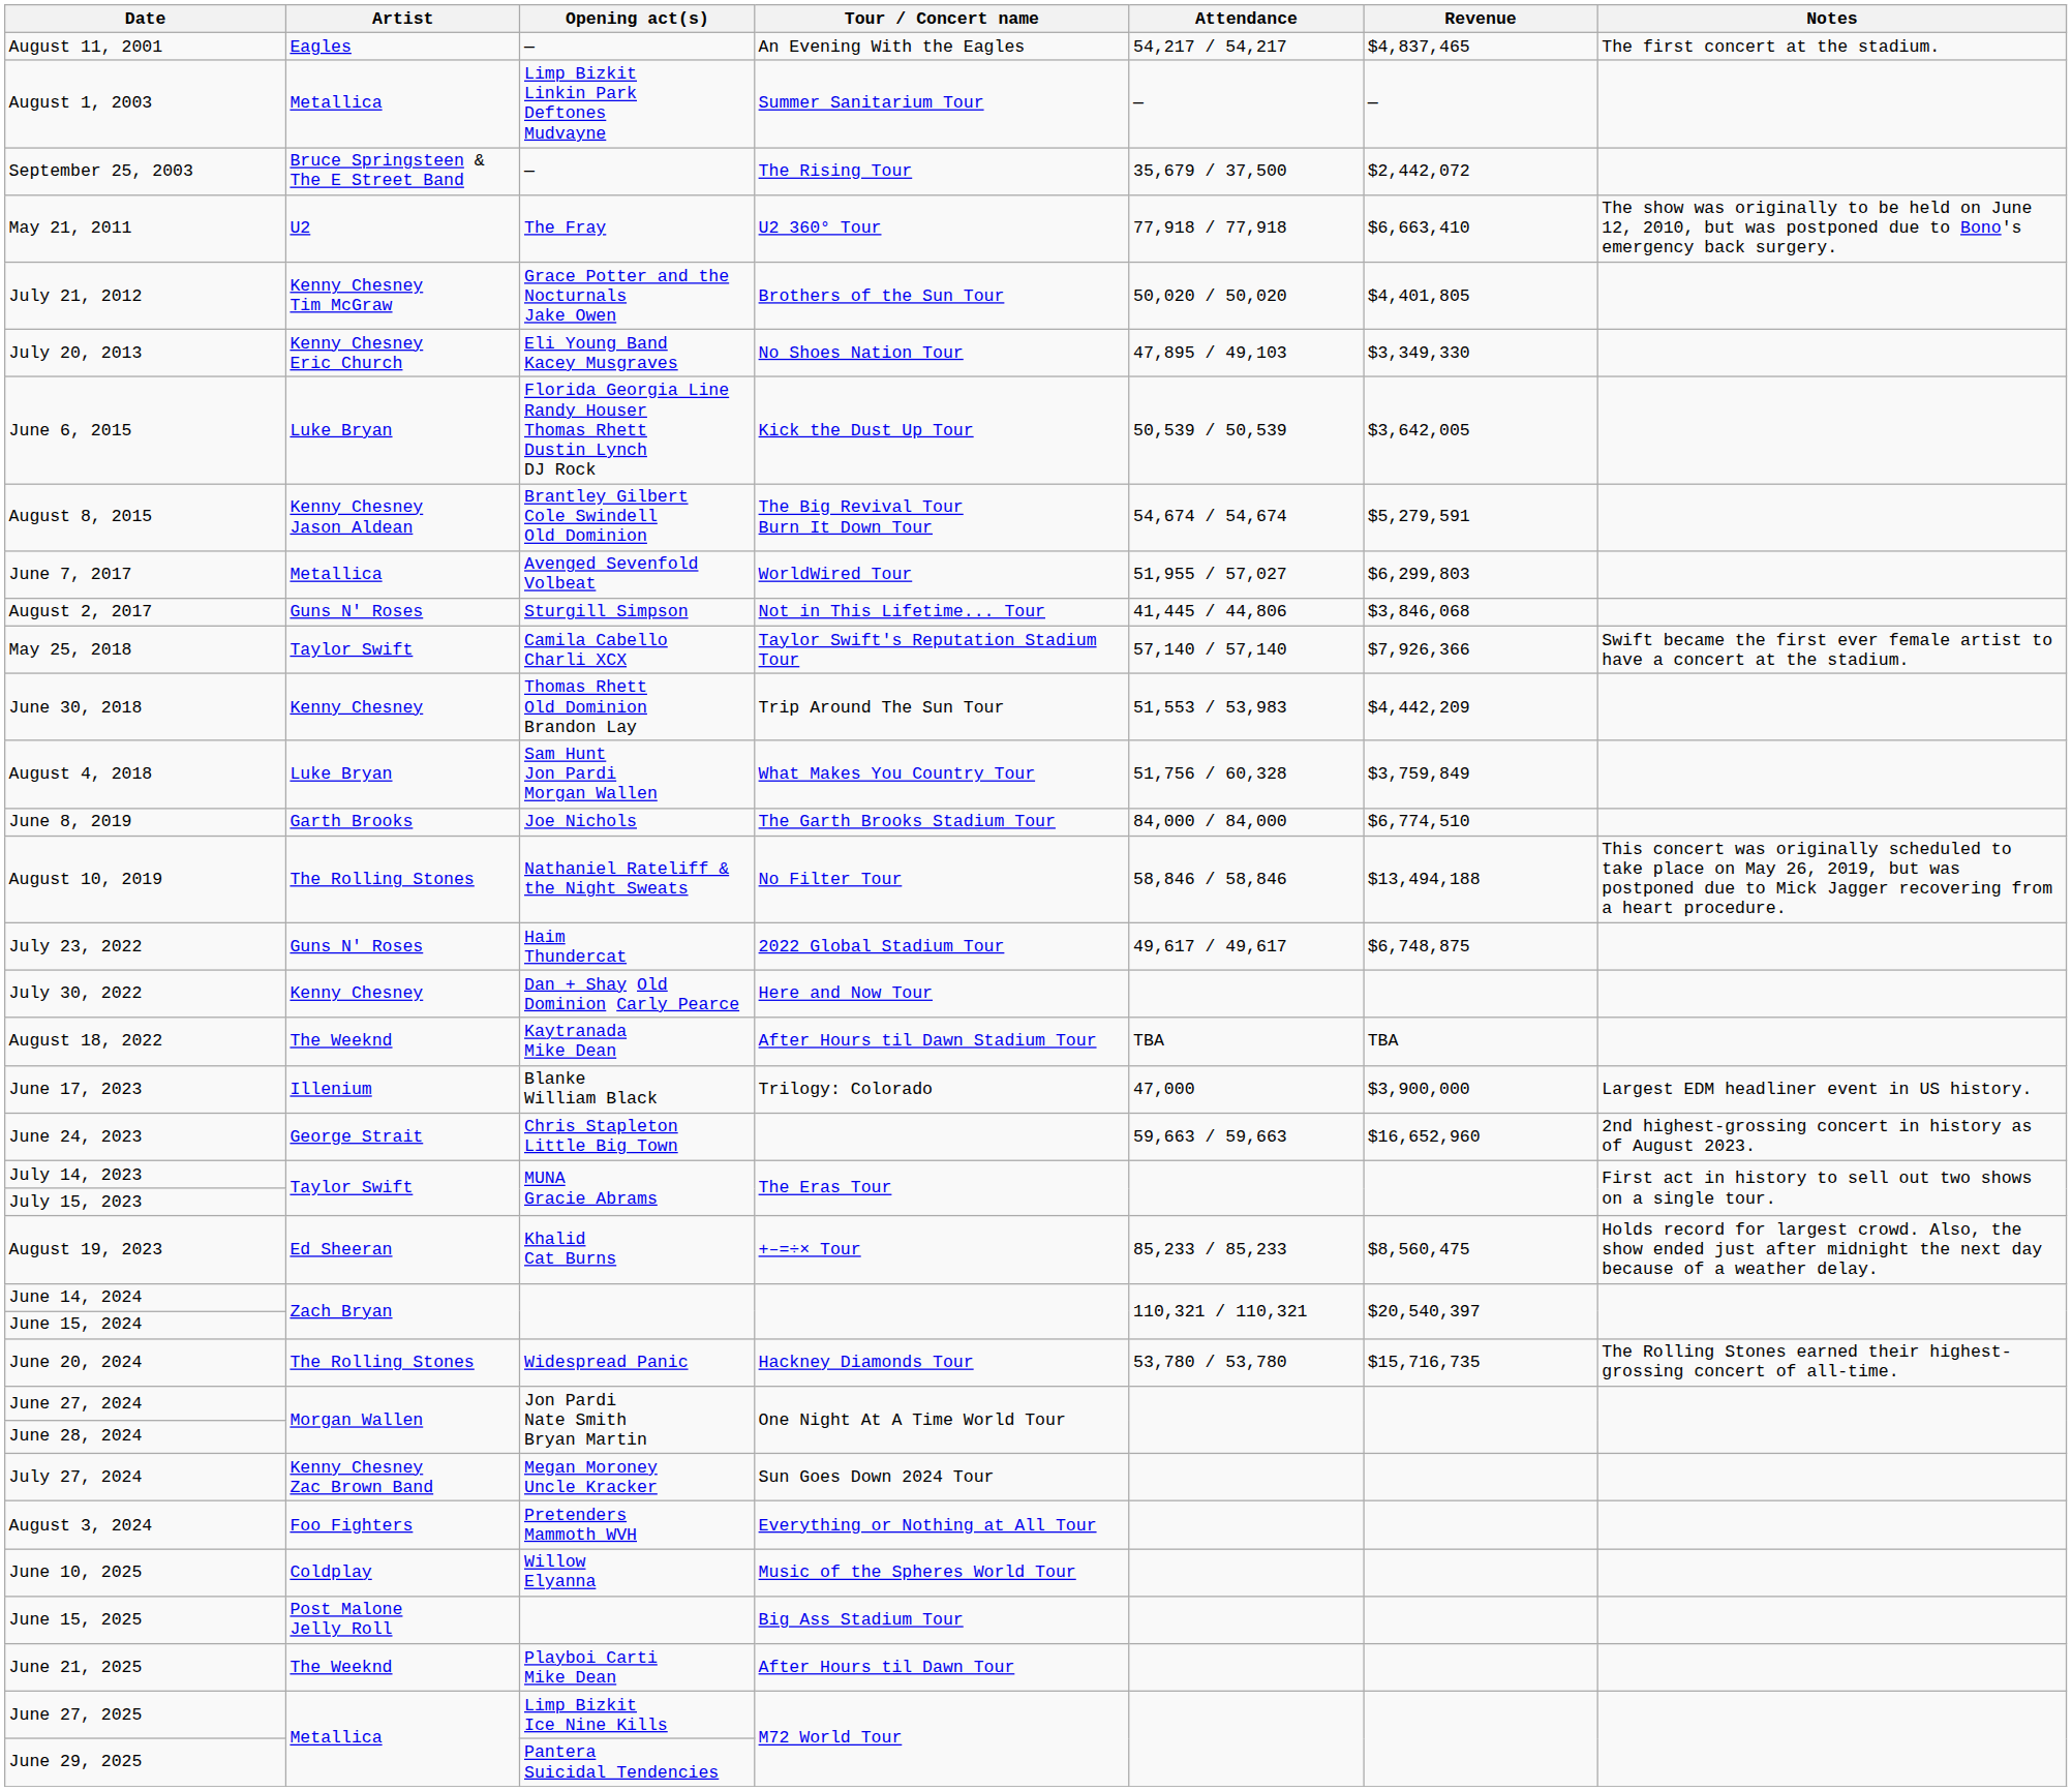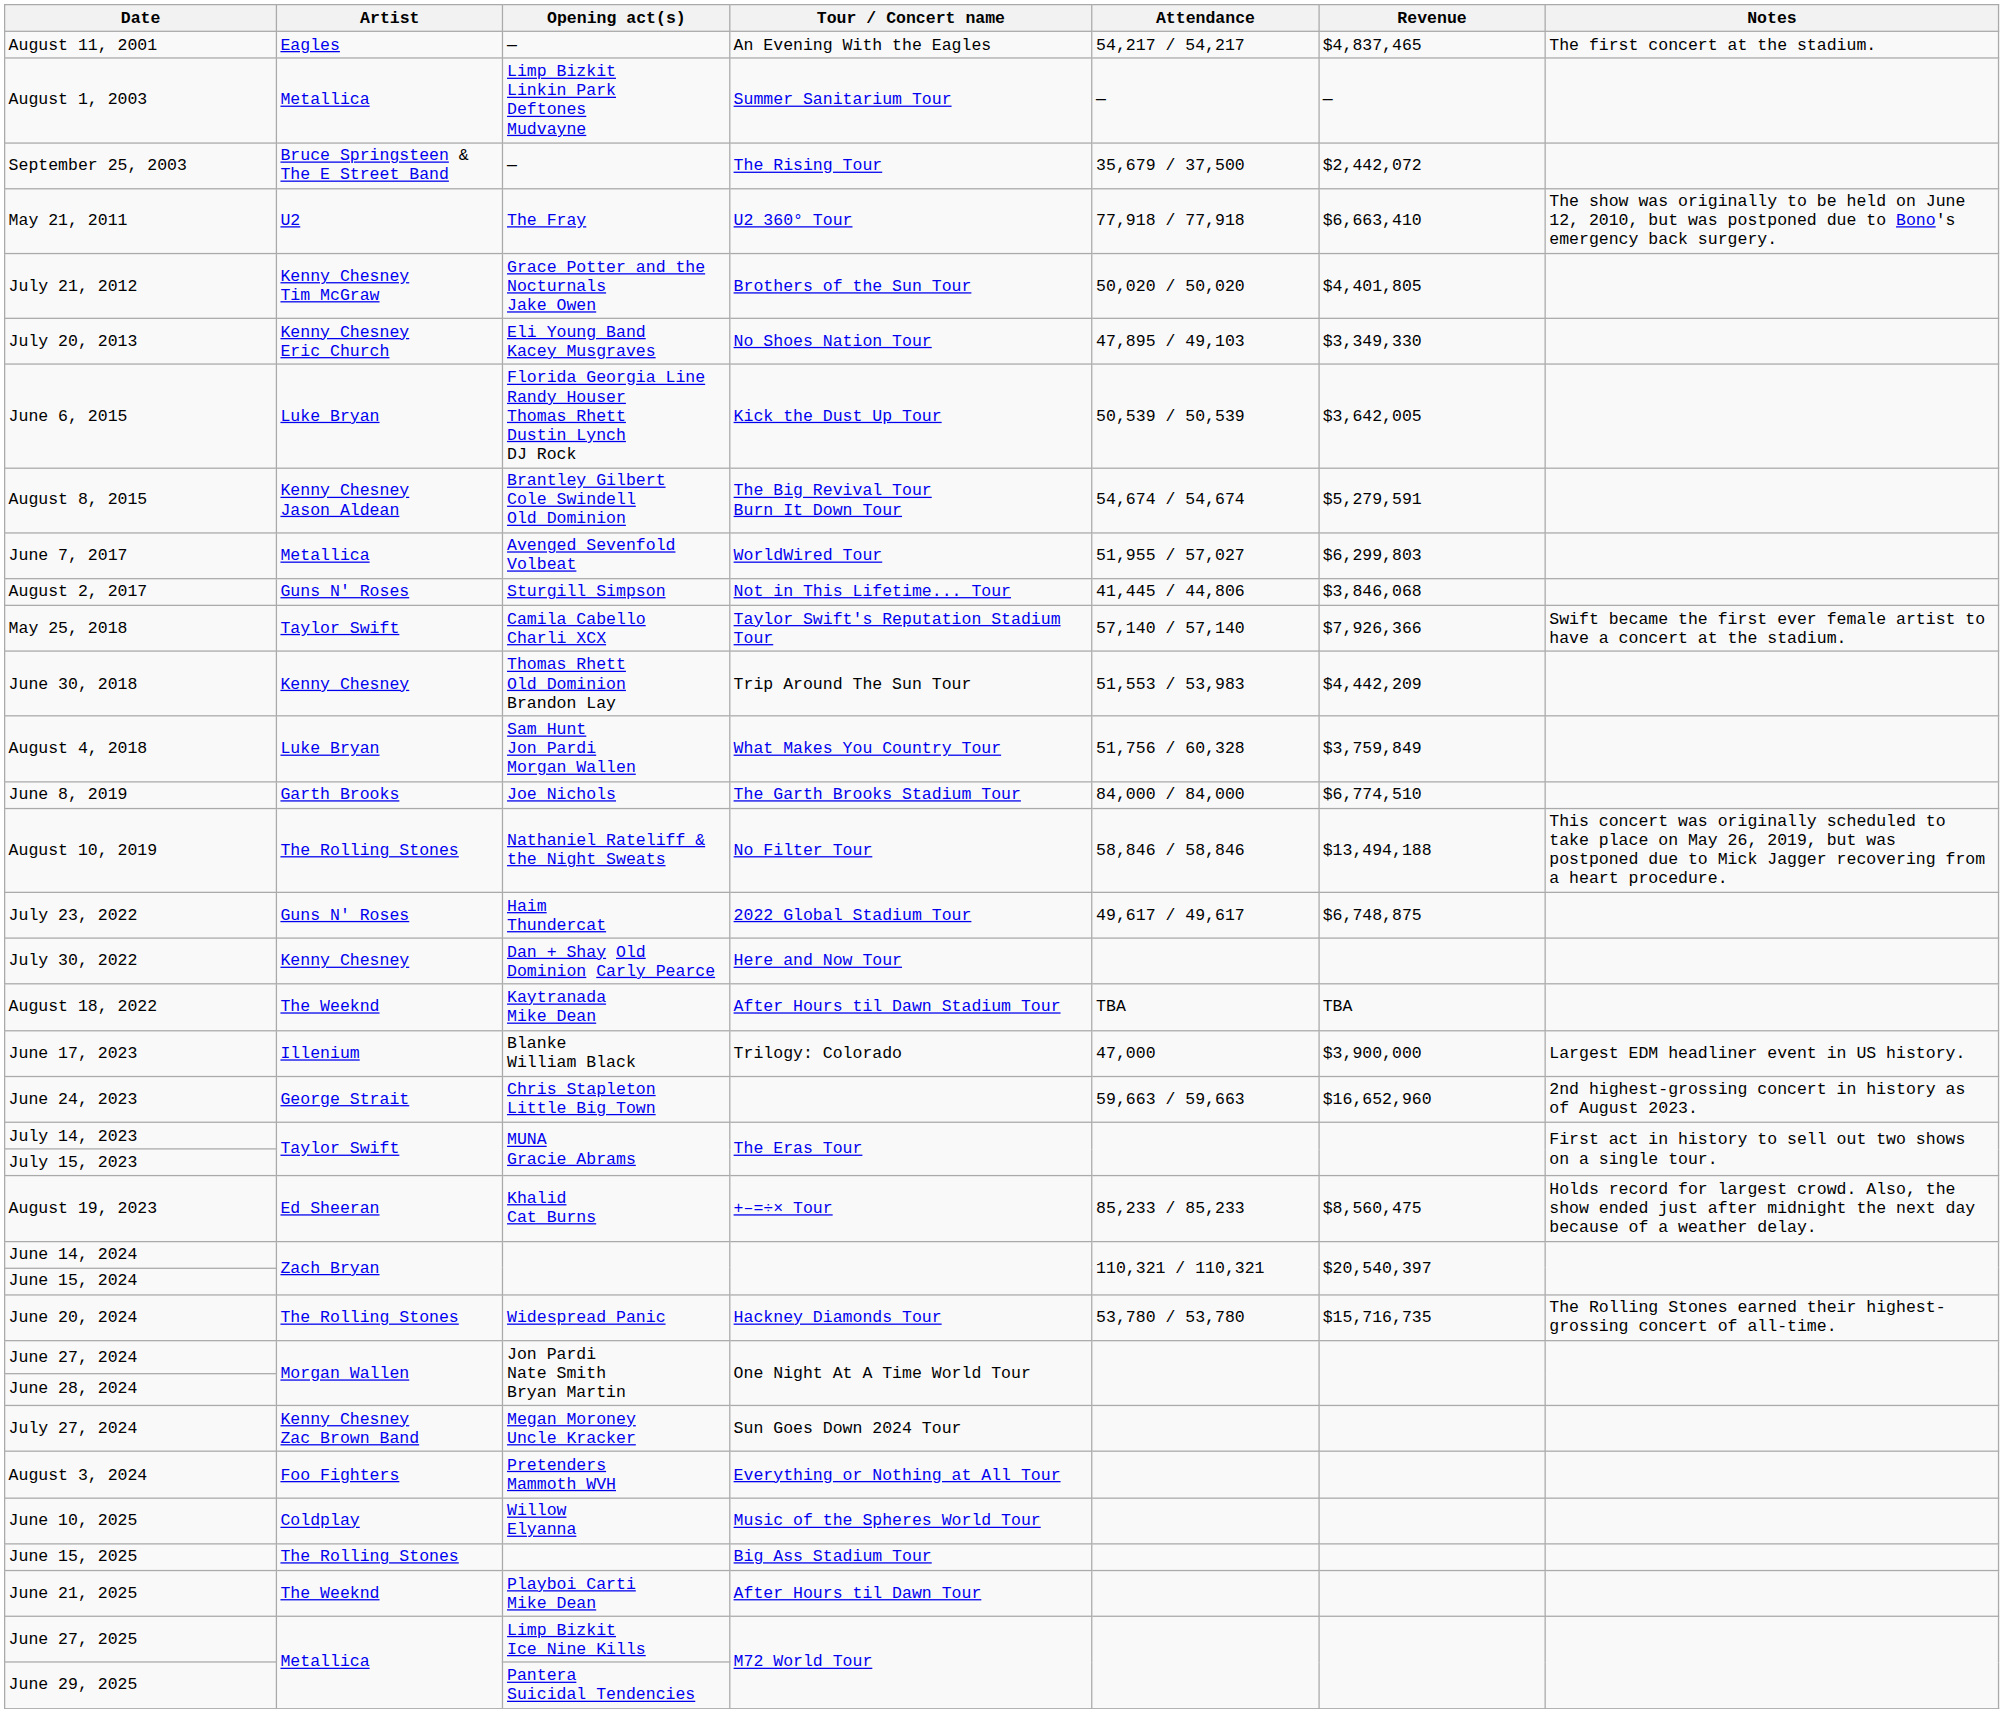 <table class="wikitable" style=font-size:100% style="text-align:center">
 <tr>
 <th width=12% style="text-align:center;">Date</th>
 <th width=10% style="text-align:center;">Artist</th>
 <th width=10% style="text-align:center;">Opening act(s)</th>
 <th width=16% style="text-align:center;">Tour / Concert name</th>
 <th width=10% style="text-align:center;">Attendance</th>
 <th width=10% style="text-align:center;">Revenue</th>
 <th width=20% style="text-align:center;">Notes</th>
 </tr>
 <tr>
 <td>August 11, 2001</td>
 <td><a href='#'>Eagles</a></td>
 <td>—</td>
 <td>An Evening With the Eagles</td>
 <td>54,217 / 54,217</td>
 <td>$4,837,465</td>
 <td>The first concert at the stadium.</td>
 </tr>
 <tr>
 <td>August 1, 2003</td>
 <td><a href='#'>Metallica</a></td>
 <td><a href='#'>Limp Bizkit</a><br><a href='#'>Linkin Park</a><br><a href='#'>Deftones</a><br><a href='#'>Mudvayne</a></td>
 <td><a href='#'>Summer Sanitarium Tour</a></td>
 <td>—</td>
 <td>—</td>
 <td></td>
 </tr>
 <tr>
 <td>September 25, 2003</td>
 <td><a href='#'>Bruce Springsteen</a> & <a href='#'>The E Street Band</a></td>
 <td>—</td>
 <td><a href='#'>The Rising Tour</a></td>
 <td>35,679 / 37,500</td>
 <td>$2,442,072</td>
 <td></td>
 </tr>
 <tr>
 <td>May 21, 2011</td>
 <td><a href='#'>U2</a></td>
 <td><a href='#'>The Fray</a></td>
 <td><a href='#'>U2 360° Tour</a></td>
 <td>77,918 / 77,918</td>
 <td>$6,663,410</td>
 <td>The show was originally to be held on June 12, 2010, but was postponed due to <a href='#'>Bono</a>'s emergency back surgery.</td>
 </tr>
 <tr>
 <td>July 21, 2012</td>
 <td><a href='#'>Kenny Chesney</a><br><a href='#'>Tim McGraw</a></td>
 <td><a href='#'>Grace Potter and the Nocturnals</a><br><a href='#'>Jake Owen</a></td>
 <td><a href='#'>Brothers of the Sun Tour</a></td>
 <td>50,020 / 50,020</td>
 <td>$4,401,805</td>
 <td></td>
 </tr>
 <tr>
 <td>July 20, 2013</td>
 <td><a href='#'>Kenny Chesney</a><br><a href='#'>Eric Church</a></td>
 <td><a href='#'>Eli Young Band</a><br><a href='#'>Kacey Musgraves</a></td>
 <td><a href='#'>No Shoes Nation Tour</a></td>
 <td>47,895 / 49,103</td>
 <td>$3,349,330</td>
 <td></td>
 </tr>
 <tr>
 <td>June 6, 2015</td>
 <td><a href='#'>Luke Bryan</a></td>
 <td><a href='#'>Florida Georgia Line</a><br><a href='#'>Randy Houser</a><br><a href='#'>Thomas Rhett</a><br><a href='#'>Dustin Lynch</a><br>DJ Rock</td>
 <td><a href='#'>Kick the Dust Up Tour</a></td>
 <td>50,539 / 50,539</td>
 <td>$3,642,005</td>
 <td></td>
 </tr>
 <tr>
 <td>August 8, 2015</td>
 <td><a href='#'>Kenny Chesney</a><br><a href='#'>Jason Aldean</a></td>
 <td><a href='#'>Brantley Gilbert</a><br><a href='#'>Cole Swindell</a><br><a href='#'>Old Dominion</a></td>
 <td><a href='#'>The Big Revival Tour</a><br><a href='#'>Burn It Down Tour</a></td>
 <td>54,674 / 54,674</td>
 <td>$5,279,591</td>
 <td></td>
 </tr>
 <tr>
 <td>June 7, 2017</td>
 <td><a href='#'>Metallica</a></td>
 <td><a href='#'>Avenged Sevenfold</a><br><a href='#'>Volbeat</a></td>
 <td><a href='#'>WorldWired Tour</a></td>
 <td>51,955 / 57,027</td>
 <td>$6,299,803</td>
 <td></td>
 </tr>
 <tr>
 <td>August 2, 2017</td>
 <td><a href='#'>Guns N' Roses</a></td>
 <td><a href='#'>Sturgill Simpson</a></td>
 <td><a href='#'>Not in This Lifetime... Tour</a></td>
 <td>41,445 / 44,806</td>
 <td>$3,846,068</td>
 <td></td>
 </tr>
 <tr>
 <td>May 25, 2018</td>
 <td><a href='#'>Taylor Swift</a></td>
 <td><a href='#'>Camila Cabello</a><br><a href='#'>Charli XCX</a></td>
 <td><a href='#'>Taylor Swift's Reputation Stadium Tour</a></td>
 <td>57,140 / 57,140</td>
 <td>$7,926,366</td>
 <td>Swift became the first ever female artist to have a concert at the stadium.</td>
 </tr>
 <tr>
 <td>June 30, 2018</td>
 <td><a href='#'>Kenny Chesney</a></td>
 <td><a href='#'>Thomas Rhett</a><br><a href='#'>Old Dominion</a><br>Brandon Lay</td>
 <td>Trip Around The Sun Tour</td>
 <td>51,553 / 53,983</td>
 <td>$4,442,209</td>
 <td></td>
 </tr>
 <tr>
 <td>August 4, 2018</td>
 <td><a href='#'>Luke Bryan</a></td>
 <td><a href='#'>Sam Hunt</a><br><a href='#'>Jon Pardi</a><br><a href='#'>Morgan Wallen</a></td>
 <td><a href='#'>What Makes You Country Tour</a></td>
 <td>51,756 / 60,328</td>
 <td>$3,759,849</td>
 <td></td>
 </tr>
 <tr>
 <td>June 8, 2019</td>
 <td><a href='#'>Garth Brooks</a></td>
 <td><a href='#'>Joe Nichols</a></td>
 <td><a href='#'>The Garth Brooks Stadium Tour</a></td>
 <td>84,000 / 84,000</td>
 <td>$6,774,510</td>
 <td></td>
 </tr>
 <tr>
 <td>August 10, 2019</td>
 <td><a href='#'>The Rolling Stones</a></td>
 <td><a href='#'>Nathaniel Rateliff & the Night Sweats</a></td>
 <td><a href='#'>No Filter Tour</a></td>
 <td>58,846 / 58,846</td>
 <td>$13,494,188</td>
 <td>This concert was originally scheduled to take place on May 26, 2019, but was postponed due to Mick Jagger recovering from a heart procedure.</td>
 </tr>
 <tr>
 <td>July 23, 2022</td>
 <td><a href='#'>Guns N' Roses</a></td>
 <td><a href='#'>Haim</a><br><a href='#'>Thundercat</a></td>
 <td><a href='#'>2022 Global Stadium Tour</a></td>
 <td>49,617 / 49,617</td>
 <td>$6,748,875</td>
 <td></td>
 </tr>
 <tr>
 <td>July 30, 2022</td>
 <td><a href='#'>Kenny Chesney</a></td>
 <td><a href='#'>Dan + Shay</a> <a href='#'>Old Dominion</a> <a href='#'>Carly Pearce</a></td>
 <td><a href='#'>Here and Now Tour</a></td>
 <td></td>
 <td></td>
 <td></td>
 </tr>
 <tr>
 <td>August 18, 2022</td>
 <td><a href='#'>The Weeknd</a></td>
 <td><a href='#'>Kaytranada</a><br><a href='#'>Mike Dean</a></td>
 <td><a href='#'>After Hours til Dawn Stadium Tour</a></td>
 <td>TBA</td>
 <td>TBA</td>
 <td></td>
 </tr>
 <tr>
 <td>June 17, 2023</td>
 <td><a href='#'>Illenium</a></td>
 <td>Blanke<br>William Black</td>
 <td>Trilogy: Colorado</td>
 <td>47,000</td>
 <td>$3,900,000</td>
 <td>Largest EDM headliner event in US history.</td>
 </tr>
 <tr>
 <td>June 24, 2023</td>
 <td><a href='#'>George Strait</a></td>
 <td><a href='#'>Chris Stapleton</a><br><a href='#'>Little Big Town</a></td>
 <td></td>
 <td>59,663 / 59,663</td>
 <td>$16,652,960</td>
 <td>2nd highest-grossing concert in history as of August 2023.</td>
 </tr>
 <tr>
 <td>July 14, 2023</td>
 <td rowspan="2"><a href='#'>Taylor Swift</a></td>
 <td rowspan="2"><a href='#'>MUNA</a><br><a href='#'>Gracie Abrams</a></td>
 <td rowspan="2"><a href='#'>The Eras Tour</a></td>
 <td rowspan="2"></td>
 <td rowspan="2"></td>
 <td rowspan="2">First act in history to sell out two shows on a single tour.</td>
 </tr>
 <tr>
 <td>July 15, 2023</td>
 </tr>
 <tr>
 <td>August 19, 2023</td>
 <td><a href='#'>Ed Sheeran</a></td>
 <td><a href='#'>Khalid</a><br><a href='#'>Cat Burns</a></td>
 <td><a href='#'>+–=÷× Tour</a></td>
 <td>85,233 / 85,233</td>
 <td>$8,560,475</td>
 <td>Holds record for largest crowd. Also, the show ended just after midnight the next day because of a weather delay.</td>
 </tr>
 <tr>
 <td>June 14, 2024</td>
 <td rowspan="2"><a href='#'>Zach Bryan</a></td>
 <td rowspan="2"></td>
 <td rowspan="2"></td>
 <td rowspan="2">110,321 / 110,321</td>
 <td rowspan="2">$20,540,397</td>
 <td rowspan="2"></td>
 </tr>
 <tr>
 <td>June 15, 2024</td>
 </tr>
 <tr>
 <td>June 20, 2024</td>
 <td><a href='#'>The Rolling Stones</a></td>
 <td><a href='#'>Widespread Panic</a></td>
 <td><a href='#'>Hackney Diamonds Tour</a></td>
 <td>53,780 / 53,780</td>
 <td>$15,716,735</td>
 <td>The Rolling Stones earned their highest-grossing concert of all-time.</td>
 </tr>
 <tr>
 <td>June 27, 2024</td>
 <td rowspan="2"><a href='#'>Morgan Wallen</a></td>
 <td rowspan="2">Jon Pardi<br>Nate Smith<br>Bryan Martin</td>
 <td rowspan="2">One Night At A Time World Tour</td>
 <td rowspan="2"></td>
 <td rowspan="2"></td>
 <td rowspan="2"></td>
 </tr>
 <tr>
 <td>June 28, 2024</td>
 </tr>
 <tr>
 <td>July 27, 2024</td>
 <td><a href='#'>Kenny Chesney</a><br><a href='#'>Zac Brown Band</a></td>
 <td><a href='#'>Megan Moroney</a><br><a href='#'>Uncle Kracker</a></td>
 <td>Sun Goes Down 2024 Tour</td>
 <td></td>
 <td></td>
 <td></td>
 </tr>
 <tr>
 <td>August 3, 2024</td>
 <td><a href='#'>Foo Fighters</a></td>
 <td><a href='#'>Pretenders</a><br><a href='#'>Mammoth WVH</a></td>
 <td><a href='#'>Everything or Nothing at All Tour</a></td>
 <td></td>
 <td></td>
 <td></td>
 </tr>
 <tr>
 <td>June 10, 2025</td>
 <td><a href='#'>Coldplay</a></td>
 <td><a href='#'>Willow</a><br><a href='#'>Elyanna</a></td>
 <td><a href='#'>Music of the Spheres World Tour</a></td>
 <td></td>
 <td></td>
 <td></td>
 </tr>
 <tr>
 <td>June 15, 2025</td>
-<td><a href='#'>Post Malone</a><br><a href='#'>Jelly Roll</a></td>
+<td><a href='#'>The Rolling Stones</a></td>
 <td></td>
 <td><a href='#'>Big Ass Stadium Tour</a></td>
 <td></td>
 <td></td>
 <td></td>
 </tr>
 <tr>
 <td>June 21, 2025</td>
 <td><a href='#'>The Weeknd</a></td>
 <td><a href='#'>Playboi Carti</a><br><a href='#'>Mike Dean</a></td>
 <td><a href='#'>After Hours til Dawn Tour</a></td>
 <td></td>
 <td></td>
 <td></td>
 </tr>
 <tr>
 <td>June 27, 2025</td>
 <td rowspan="2"><a href='#'>Metallica</a></td>
 <td><a href='#'>Limp Bizkit</a><br><a href='#'>Ice Nine Kills</a></td>
 <td rowspan="2"><a href='#'>M72 World Tour</a></td>
 <td rowspan="2"></td>
 <td rowspan="2"></td>
 <td rowspan="2"></td>
 </tr>
 <tr>
 <td>June 29, 2025</td>
 <td><a href='#'>Pantera</a><br><a href='#'>Suicidal Tendencies</a></td>
 </tr>
 <tr>
 </tr>
 </table>
